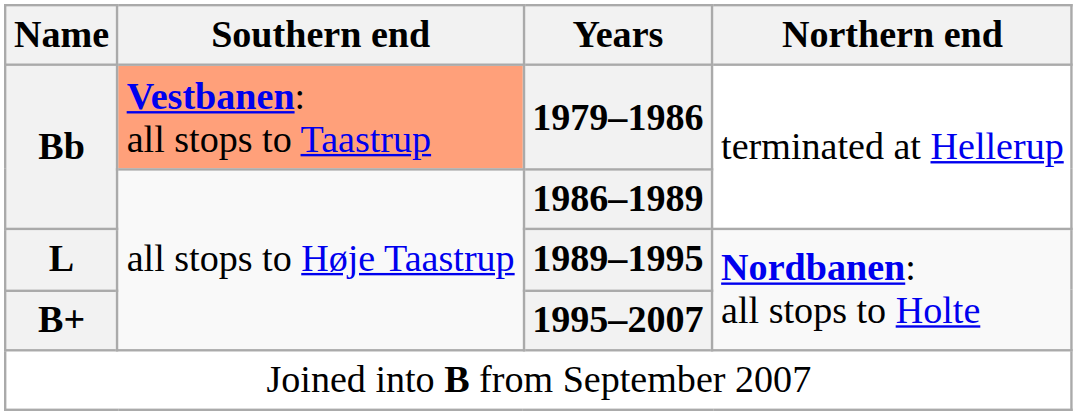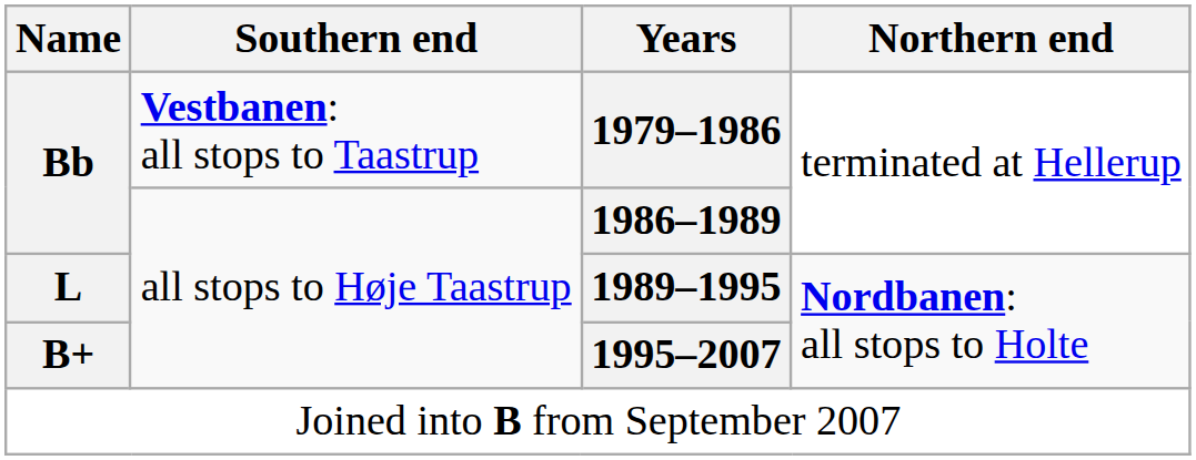 <table class=wikitable>
 <tr>
 <th>Name</th>
 <th>Southern end</th>
 <th>Years</th>
 <th>Northern end</th>
 </tr>
 <tr>
 <th rowspan=2>Bb</th>
-<td style="background: lightsalmon;"><strong><a href='#'>Vestbanen</a></strong>:<br> all stops to <a href='#'>Taastrup</a></td>
+<td><strong><a href='#'>Vestbanen</a></strong>:<br> all stops to <a href='#'>Taastrup</a></td>
 <th>1979–1986</th>
 <td rowspan=2 style="background:white">terminated at <a href='#'>Hellerup</a></td>
 </tr>
 <tr>
 <td rowspan=3>all stops to <a href='#'>Høje Taastrup</a></td>
 <th>1986–1989</th>
 </tr>
 <tr>
 <th>L</th>
 <th>1989–1995</th>
 <td rowspan=2><strong><a href='#'>Nordbanen</a></strong>:<br> all stops to <a href='#'>Holte</a></td>
 </tr>
 <tr>
 <th>B+</th>
 <th>1995–2007</th>
 </tr>
 <tr>
 <td colspan=4 style="background:white" align=center>Joined into <strong>B</strong> from September 2007</td>
 </tr>
 </table>
